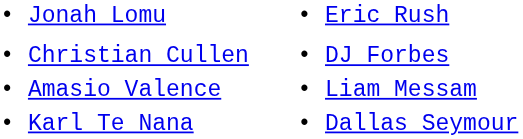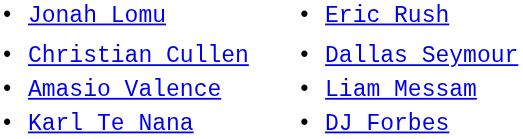 <table>
 <tr>
 <td>• <a href='#'>Jonah Lomu</a></td>
 <td>   • <a href='#'>Eric Rush</a></td>
 </tr>
 <tr>
 <td></td>
 <td></td>
 </tr>
 <tr>
 <td>• <a href='#'>Christian Cullen</a></td>
-<td>   • <a href='#'>DJ Forbes</a></td>
+<td>   • <a href='#'>Dallas Seymour</a></td>
 </tr>
 <tr>
 <td>• <a href='#'>Amasio Valence</a></td>
 <td>   • <a href='#'>Liam Messam</a></td>
 </tr>
 <tr>
 <td>• <a href='#'>Karl Te Nana</a></td>
-<td>   • <a href='#'>Dallas Seymour</a></td>
+<td>   • <a href='#'>DJ Forbes</a></td>
 </tr>
 <tr>
 <td></td>
 <td></td>
 </tr>
 </table>
